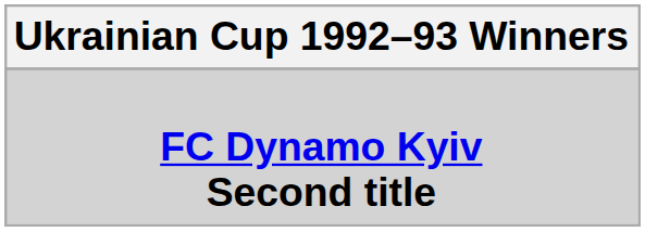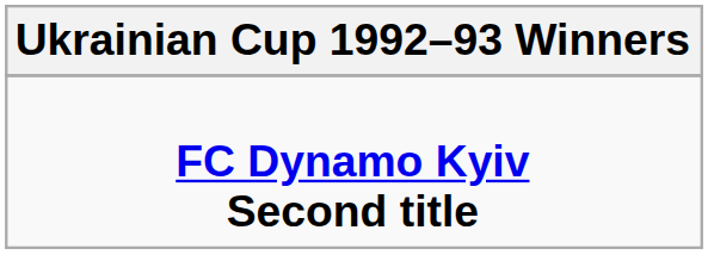 <table class="wikitable" style="text-align: center; margin: 0 auto;">
 <tr>
 <th>Ukrainian Cup 1992–93 Winners</th>
 </tr>
 <tr>
 </tr>
 <tr>
-<td style="background: lightgrey;"><br><strong><a href='#'>FC Dynamo Kyiv</a></strong><br><strong>Second title</strong></td>
+<td><br><strong><a href='#'>FC Dynamo Kyiv</a></strong><br><strong>Second title</strong></td>
 </tr>
 </table>
